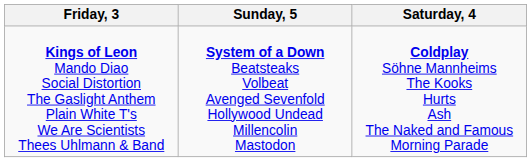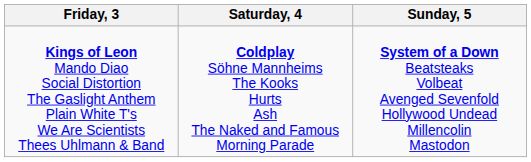 <table class="wikitable">
 <tr>
 <th>Friday, 3</th>
+<th>Saturday, 4</th>
 <th>Sunday, 5</th>
-<th>Saturday, 4</th>
 </tr>
 <tr>
 <td style="text-align:center; vertical-align:top; width:200px;"><br><strong><a href='#'>Kings of Leon</a></strong><br> <a href='#'>Mando Diao</a><br> <a href='#'>Social Distortion</a> <br> <a href='#'>The Gaslight Anthem</a> <br> <a href='#'>Plain White T's</a> <br> <a href='#'>We Are Scientists</a> <br> <a href='#'> Thees Uhlmann & Band</a> <br></td>
+<td style="text-align:center; vertical-align:top; width:200px;"><br><strong><a href='#'>Coldplay</a></strong><br> <a href='#'>Söhne Mannheims</a><br> <a href='#'>The Kooks</a><br> <a href='#'>Hurts</a><br> <a href='#'>Ash</a><br> <a href='#'>The Naked and Famous</a> <br> <a href='#'>Morning Parade</a><br></td>
 <td style="text-align:center; vertical-align:top; width:200px;"><br><strong><a href='#'>System of a Down</a></strong><br> <a href='#'>Beatsteaks</a><br> <a href='#'>Volbeat</a><br> <a href='#'>Avenged Sevenfold</a><br> <a href='#'>Hollywood Undead</a><br> <a href='#'>Millencolin</a><br> <a href='#'>Mastodon</a><br></td>
-<td style="text-align:center; vertical-align:top; width:200px;"><br><strong><a href='#'>Coldplay</a></strong><br> <a href='#'>Söhne Mannheims</a><br> <a href='#'>The Kooks</a><br> <a href='#'>Hurts</a><br> <a href='#'>Ash</a><br> <a href='#'>The Naked and Famous</a> <br> <a href='#'>Morning Parade</a><br></td>
 </tr>
 </table>
